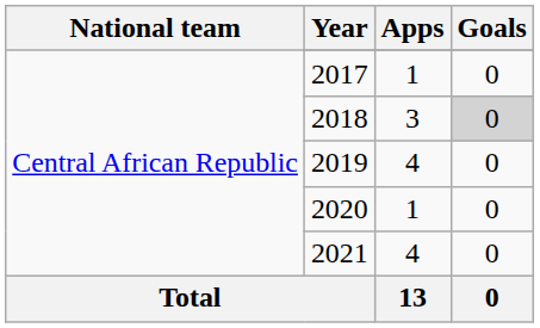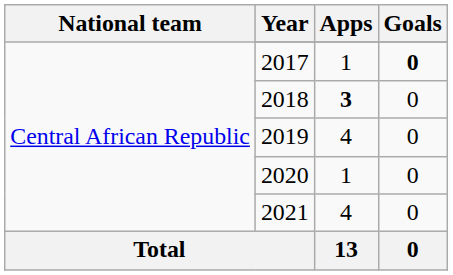 <table class="wikitable" style="text-align:center">
 <tr>
 <th>National team</th>
 <th>Year</th>
 <th>Apps</th>
 <th>Goals</th>
 </tr>
 <tr>
 <td rowspan="6"><a href='#'>Central African Republic</a></td>
 </tr>
 <tr>
 <td>2017</td>
 <td>1</td>
-<td>0</td>
+<td><strong>0</strong></td>
 </tr>
 <tr>
 <td>2018</td>
-<td>3</td>
-<td style="background: lightgrey;">0</td>
+<td><strong>3</strong></td>
+<td>0</td>
 </tr>
 <tr>
 <td>2019</td>
 <td>4</td>
 <td>0</td>
 </tr>
 <tr>
 <td>2020</td>
 <td>1</td>
 <td>0</td>
 </tr>
 <tr>
 <td>2021</td>
 <td>4</td>
 <td>0</td>
 </tr>
 <tr>
 <th colspan=2>Total</th>
 <th>13</th>
 <th>0</th>
 </tr>
 </table>
